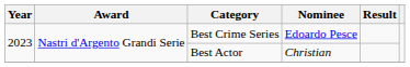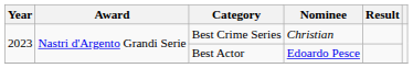 <table class="wikitable">
 <tr>
 <th>Year</th>
 <th>Award</th>
 <th>Category</th>
 <th>Nominee</th>
 <th>Result</th>
 <th></th>
 </tr>
 <tr>
 <td rowspan="2">2023</td>
 <td rowspan="2"><a href='#'>Nastri d'Argento</a> Grandi Serie</td>
 <td>Best Crime Series</td>
-<td><a href='#'>Edoardo Pesce</a></td>
+<td><em>Christian</em></td>
 <td></td>
 <td rowspan="2"></td>
 </tr>
 <tr>
 <td>Best Actor</td>
-<td><em>Christian</em></td>
+<td><a href='#'>Edoardo Pesce</a></td>
 <td></td>
 </tr>
 <tr>
 </tr>
 </table>
